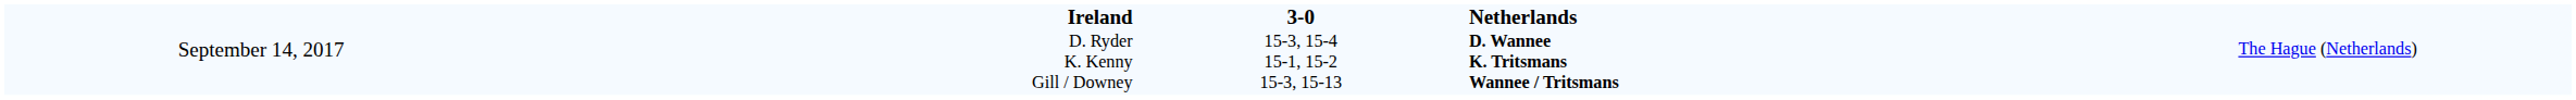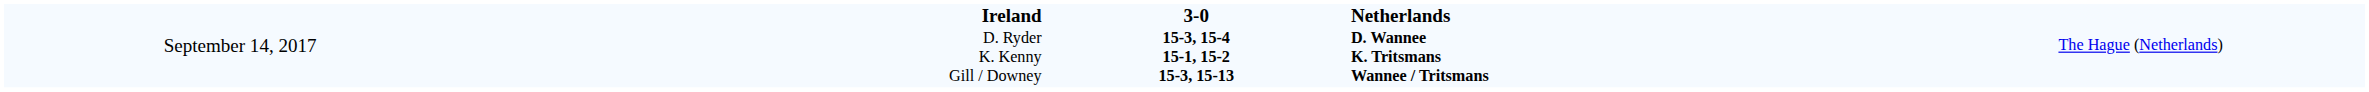 <table style="width: 100%; background:#F5FAFF;" cellspacing="0">
 <tr>
 <td align=center rowspan=3 width=20%>September 14, 2017<br></td>
 </tr>
 <tr>
 <td width=24% align=right><strong>Ireland</strong></td>
 <td align=center width=13%><strong>3-0</strong></td>
 <td width=24%><strong>Netherlands</strong></td>
 <td style=font-size:85% rowspan=3 valign=middle align=center><a href='#'>The Hague</a> (<a href='#'>Netherlands</a>)</td>
 </tr>
 <tr style=font-size:85%>
 <td align=right valign=top>D. Ryder<br>K. Kenny<br>Gill / Downey</td>
-<td align=center>15-3, 15-4<br>15-1, 15-2<br>15-3, 15-13</td>
+<td align=center><strong>15-3, 15-4<br>15-1, 15-2<br>15-3, 15-13</strong></td>
 <td valign=top><strong>D. Wannee<br>K. Tritsmans<br>Wannee / Tritsmans</strong></td>
 </tr>
 </table>
